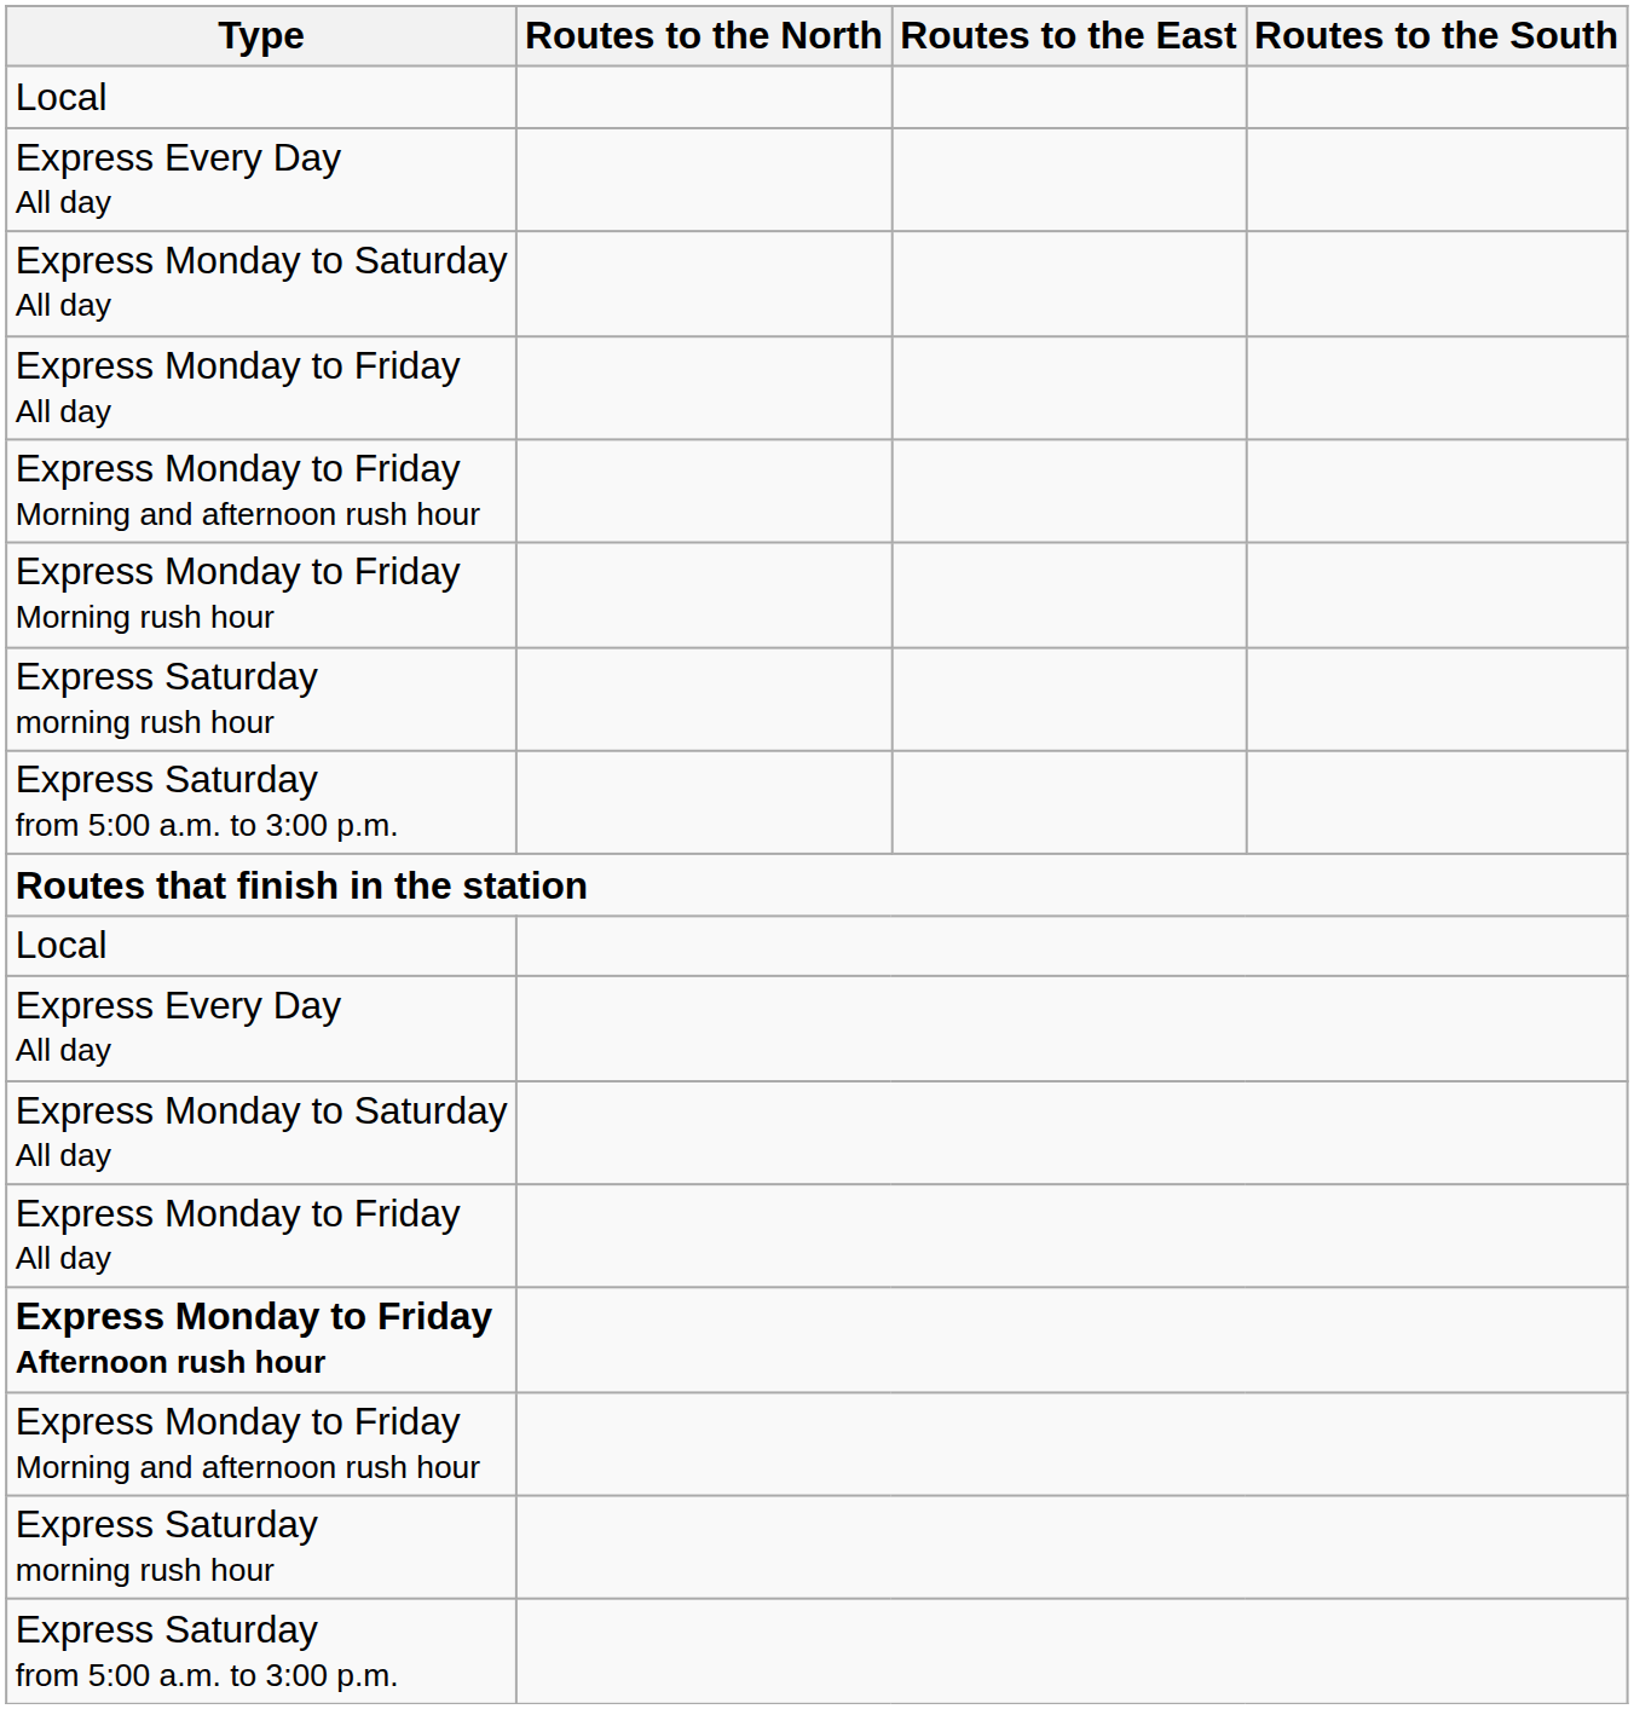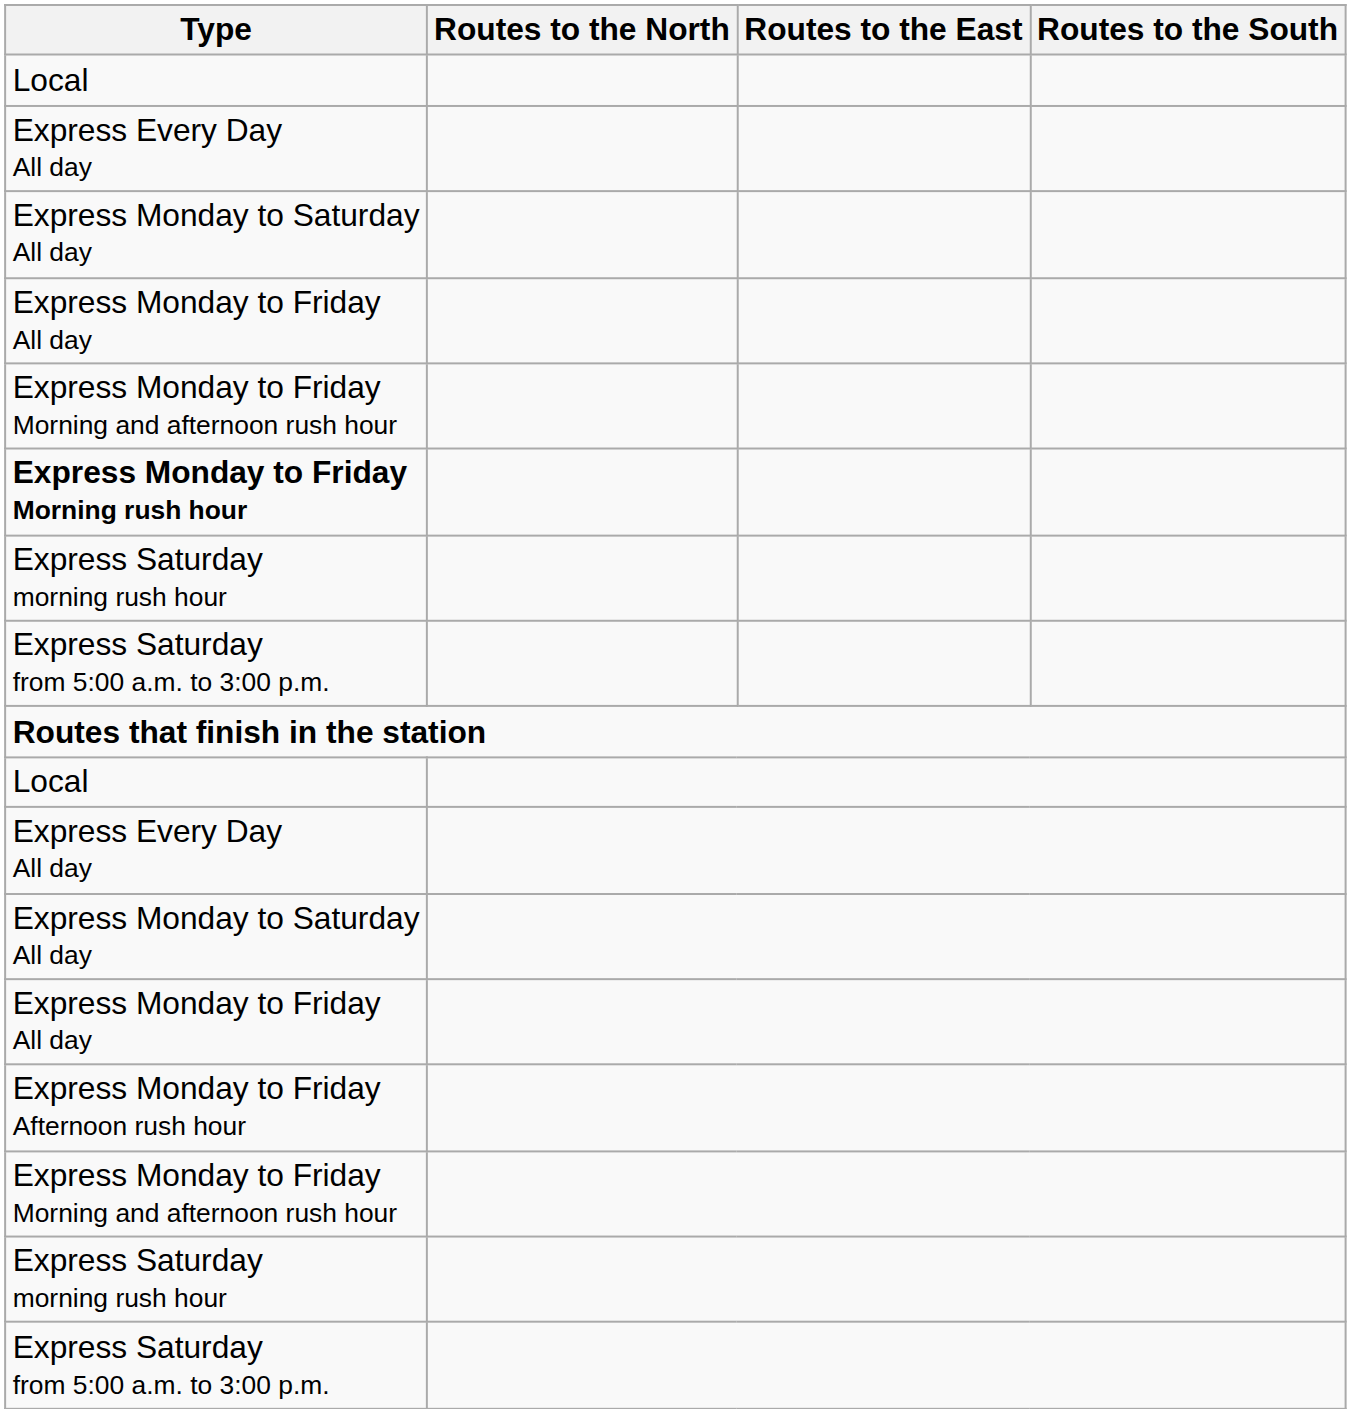 <table class="wikitable" style="margin-left: auto; margin-right: auto; border: none;">
 <tr>
 <th>Type</th>
 <th>Routes to the North</th>
 <th>Routes to the East</th>
 <th>Routes to the South</th>
 </tr>
 <tr>
 <td>Local</td>
 <td></td>
 <td></td>
 <td></td>
 </tr>
 <tr>
 <td>Express Every Day <br><small>All day</small></td>
 <td> </td>
 <td></td>
 <td></td>
 </tr>
 <tr>
 <td>Express Monday to Saturday <br><small>All day</small></td>
 <td></td>
 <td></td>
 <td></td>
 </tr>
 <tr>
 <td>Express Monday to Friday <br><small>All day</small></td>
 <td></td>
 <td></td>
 <td></td>
 </tr>
 <tr>
 <td>Express Monday to Friday <br><small>Morning and afternoon rush hour</small></td>
 <td></td>
 <td></td>
 <td></td>
 </tr>
 <tr>
-<td>Express Monday to Friday <br><small>Morning rush hour</small></td>
+<td><strong>Express Monday to Friday <br><small>Morning rush hour</small></strong></td>
 <td></td>
 <td></td>
 <td></td>
 </tr>
 <tr>
 <td>Express Saturday <br><small>morning rush hour</small></td>
 <td></td>
 <td></td>
 <td></td>
 </tr>
 <tr>
 <td>Express Saturday <br><small>from 5:00 a.m. to 3:00 p.m.</small></td>
 <td></td>
 <td></td>
 <td></td>
 </tr>
 <tr>
 <td colspan="8"><strong>Routes that finish in the station</strong></td>
 </tr>
 <tr>
 <td>Local</td>
 <td colspan="5"></td>
 </tr>
 <tr>
 <td>Express Every Day <br><small>All day</small></td>
 <td colspan="5">  </td>
 </tr>
 <tr>
 <td>Express Monday to Saturday <br><small>All day</small></td>
 <td colspan="5"></td>
 </tr>
 <tr>
 <td>Express Monday to Friday <br><small>All day</small></td>
 <td colspan="5 "></td>
 </tr>
 <tr>
-<td><strong>Express Monday to Friday <br><small>Afternoon rush hour</small></strong></td>
+<td>Express Monday to Friday <br><small>Afternoon rush hour</small></td>
 <td colspan="5 "></td>
 </tr>
 <tr>
 <td>Express Monday to Friday <br><small>Morning and afternoon rush hour</small></td>
 <td colspan="5 "></td>
 </tr>
 <tr>
 <td>Express Saturday <br><small>morning rush hour</small></td>
 <td colspan="5"></td>
 </tr>
 <tr>
 <td>Express Saturday <br><small>from 5:00 a.m. to 3:00 p.m.</small></td>
 <td colspan="5"></td>
 </tr>
 </table>
